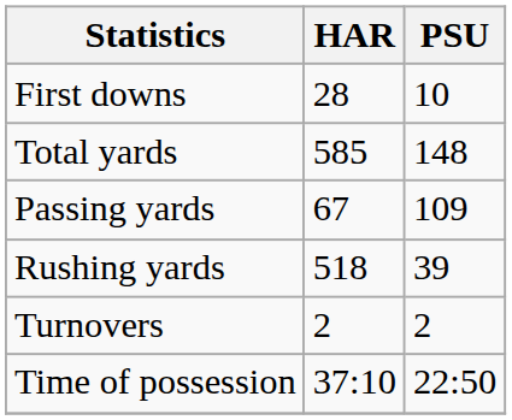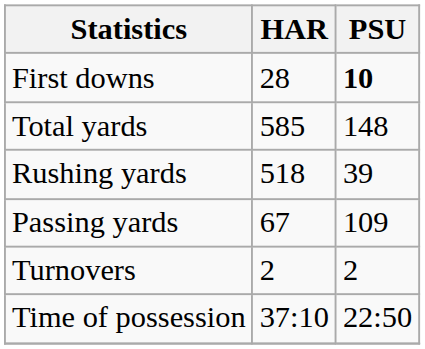 <table class="wikitable" style="float: left;">
 <tr>
 <th>Statistics</th>
 <th>HAR</th>
 <th>PSU</th>
 </tr>
 <tr>
 <td>First downs</td>
 <td>28</td>
-<td>10</td>
+<td><strong>10</strong></td>
 </tr>
 <tr>
 <td>Total yards</td>
 <td>585</td>
 <td>148</td>
 </tr>
 <tr>
+<td>Rushing yards</td>
+<td>518</td>
+<td>39</td>
+</tr>
+<tr>
 <td>Passing yards</td>
 <td>67</td>
 <td>109</td>
-</tr>
-<tr>
-<td>Rushing yards</td>
-<td>518</td>
-<td>39</td>
 </tr>
 <tr>
 <td>Turnovers</td>
 <td>2</td>
 <td>2</td>
 </tr>
 <tr>
 <td>Time of possession</td>
 <td>37:10</td>
 <td>22:50</td>
 </tr>
 <tr>
 </tr>
 </table>
